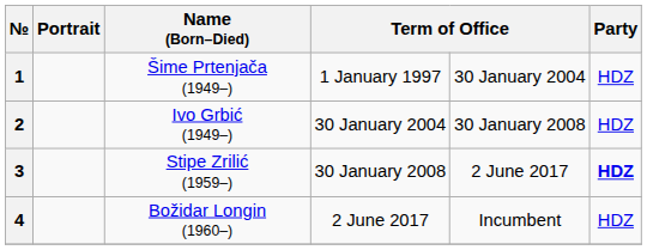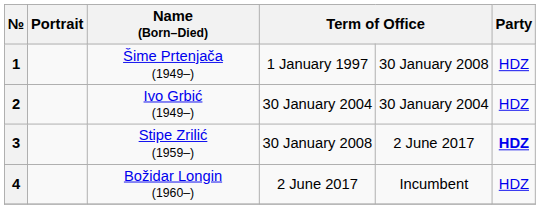 <table class="wikitable" style="text-align:center">
 <tr ->
 <th>№</th>
 <th>Portrait</th>
 <th width=180>Name<br><small>(Born–Died)</small></th>
 <th colspan=2>Term of Office</th>
 <th>Party</th>
 </tr>
 <tr ->
 <th style="background:">1</th>
 <td></td>
 <td><a href='#'>Šime Prtenjača</a><br><small>(1949–)</small></td>
 <td>1 January 1997</td>
-<td>30 January 2004</td>
+<td>30 January 2008</td>
 <td><a href='#'>HDZ</a></td>
 </tr>
 <tr ->
 <th style="background:">2</th>
 <td></td>
 <td><a href='#'>Ivo Grbić</a><br><small>(1949–)</small></td>
 <td>30 January 2004</td>
-<td>30 January 2008</td>
+<td>30 January 2004</td>
 <td><a href='#'>HDZ</a></td>
 </tr>
 <tr ->
 <th style="background:">3</th>
 <td></td>
 <td><a href='#'>Stipe Zrilić</a><br><small>(1959–)</small></td>
 <td>30 January 2008</td>
 <td>2 June 2017</td>
 <td><strong><a href='#'>HDZ</a></strong></td>
 </tr>
 <tr ->
 <th style="background:">4</th>
 <td></td>
 <td><a href='#'>Božidar Longin</a><br><small>(1960–)</small></td>
 <td>2 June 2017</td>
 <td>Incumbent</td>
 <td><a href='#'>HDZ</a></td>
 </tr>
 <tr ->
 </tr>
 </table>
